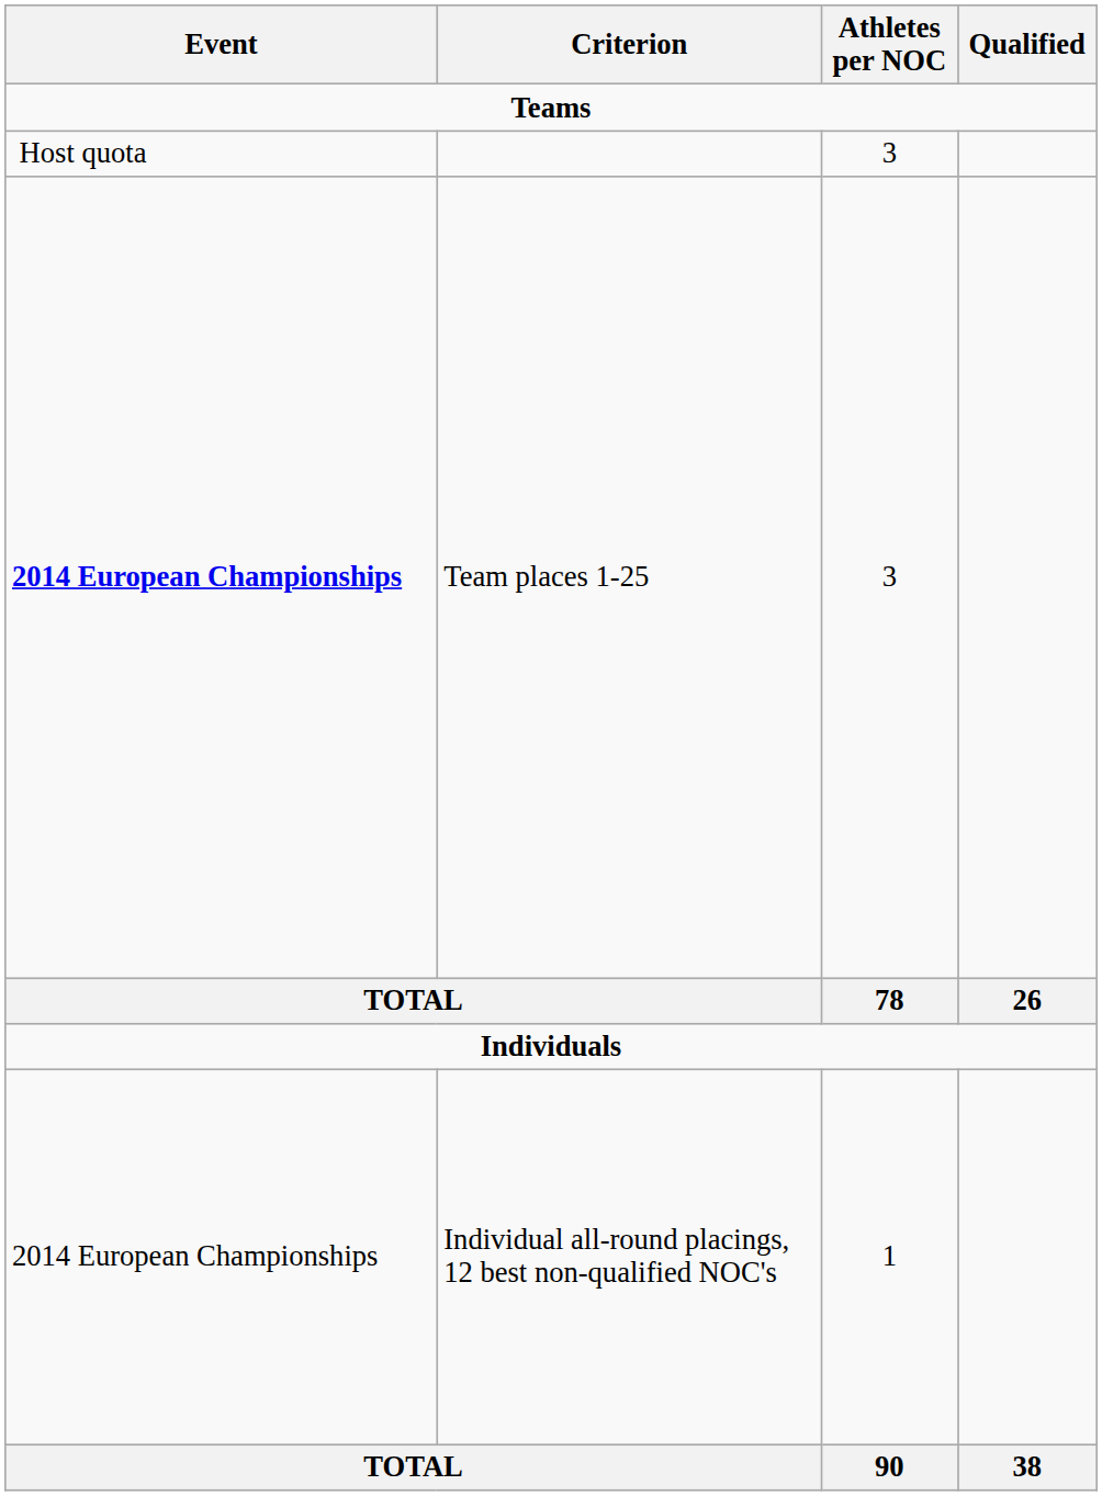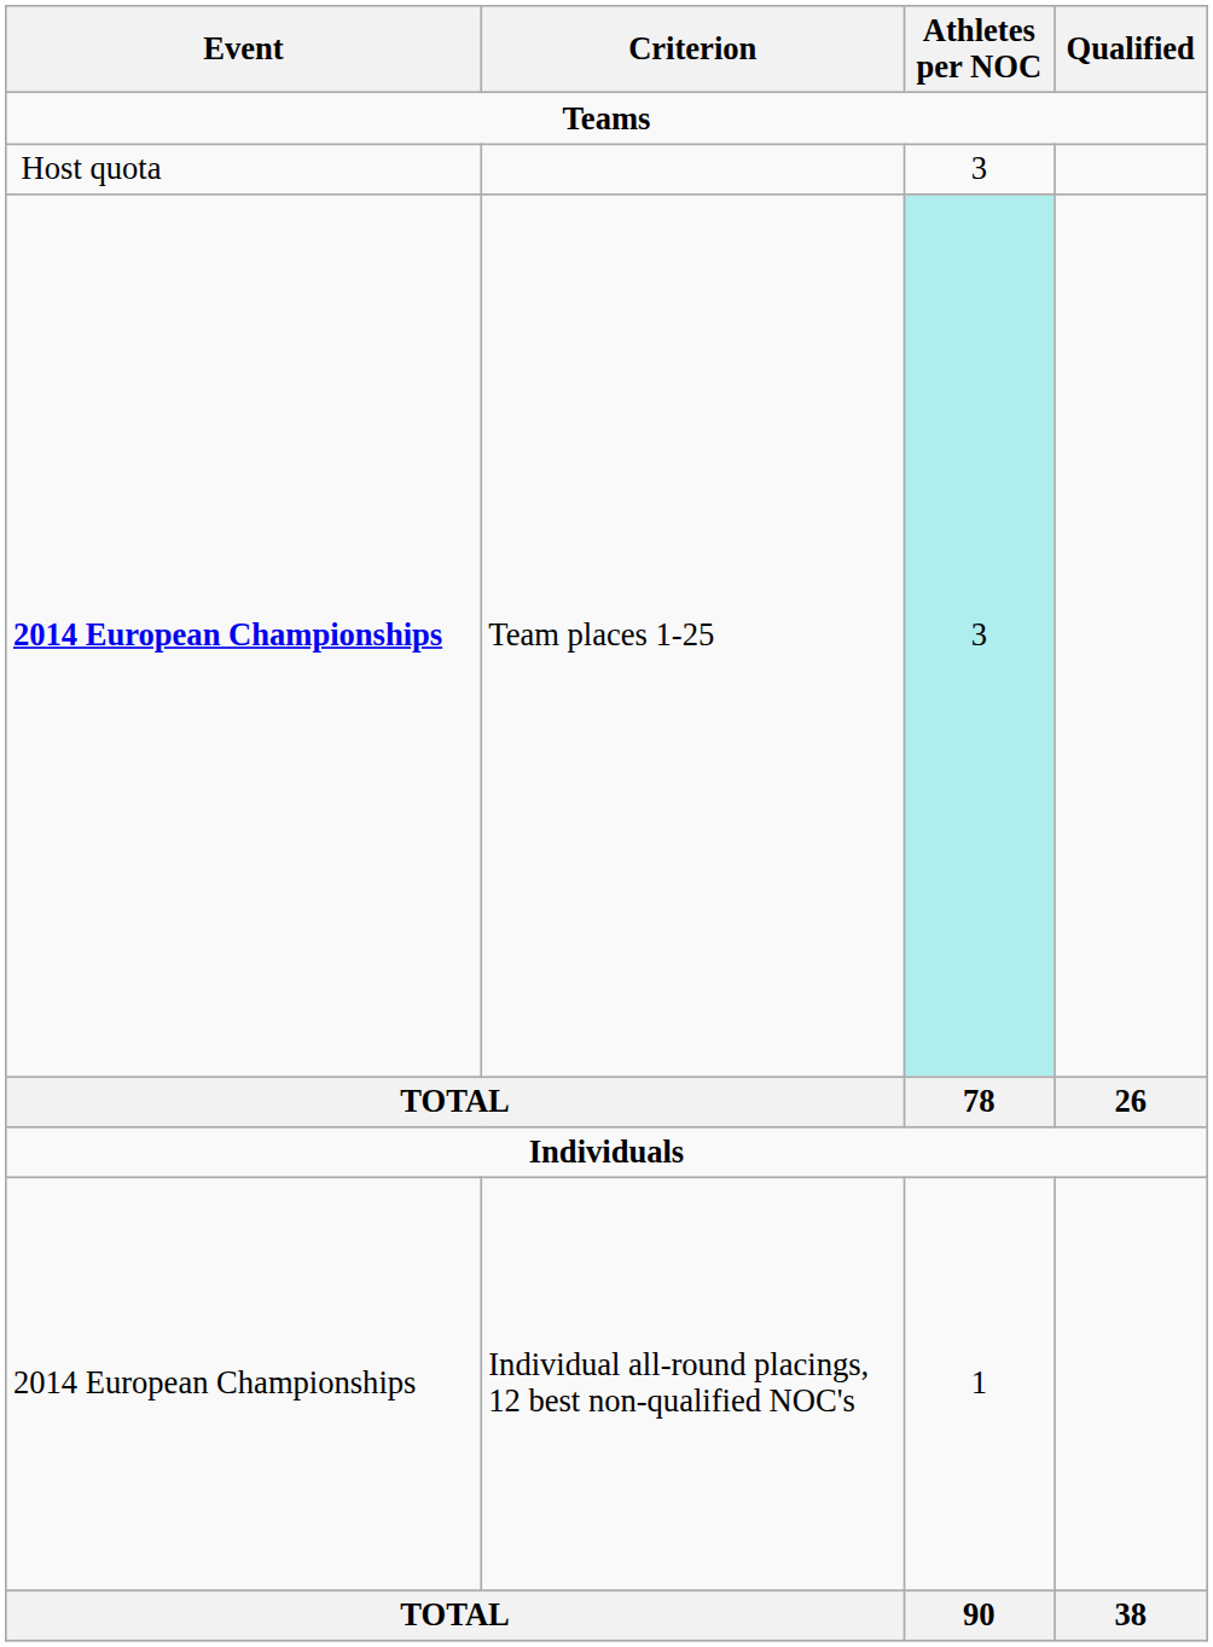 <table class="wikitable" style="width:600px;">
 <tr>
 <th>Event</th>
 <th>Criterion</th>
 <th>Athletes<br>per NOC</th>
 <th>Qualified</th>
 </tr>
 <tr>
 <td colspan="4" style="text-align:center"><strong>Teams</strong></td>
 </tr>
 <tr>
 <td> Host quota</td>
 <td> </td>
 <td align=center>3</td>
 <td></td>
 </tr>
 <tr>
 <td><strong><a href='#'>2014 European Championships</a></strong></td>
 <td>Team places 1-25</td>
-<td align=center>3</td>
+<td align=center style="background: paleturquoise;">3</td>
 <td><br><br><br><br><br><br><br><br><br><br><br><br><br><br><br><br><br><br><br><br><br><br><br><br></td>
 </tr>
 <tr>
 <th colspan="2">TOTAL</th>
 <th>78</th>
 <th>26</th>
 </tr>
 <tr>
 <td colspan="4" style="text-align:center"><strong>Individuals</strong></td>
 </tr>
 <tr>
 <td>2014 European Championships</td>
 <td>Individual all-round placings,<br>12 best non-qualified NOC's</td>
 <td align=center>1</td>
 <td><br><br><br><br><br><br><br><br><br><br><br></td>
 </tr>
 <tr>
 <th colspan="2">TOTAL</th>
 <th>90</th>
 <th>38</th>
 </tr>
 </table>
